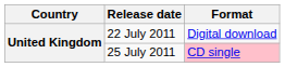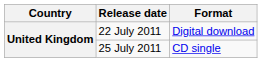 <table class="wikitable plainrowheaders">
 <tr>
 <th scope="col">Country</th>
 <th scope="col">Release date</th>
 <th scope="col">Format</th>
 </tr>
 <tr>
 <th scope="row" rowspan="2">United Kingdom</th>
 <td>22 July 2011</td>
 <td><a href='#'>Digital download</a></td>
 </tr>
 <tr>
 <td>25 July 2011</td>
-<td style="background: pink;"><a href='#'>CD single</a></td>
+<td><a href='#'>CD single</a></td>
 </tr>
 </table>
